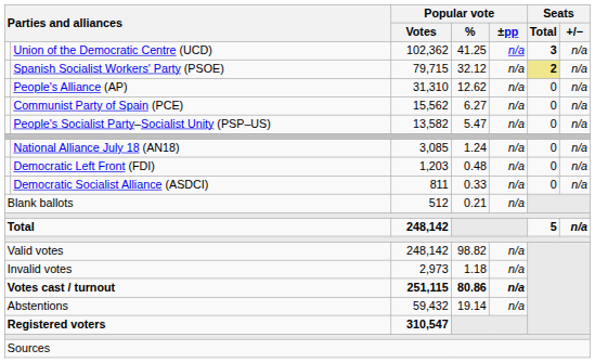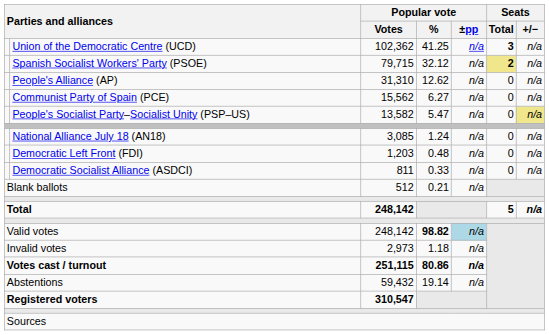 <table class="wikitable" style="text-align:right;">
 <tr>
 <th style="text-align:left;" rowspan="2" colspan="2" width="525">Parties and alliances</th>
 <th colspan="3">Popular vote</th>
 <th colspan="2">Seats</th>
 </tr>
 <tr>
 <th width="75">Votes</th>
 <th width="45">%</th>
 <th width="45">±<a href='#'>pp</a></th>
 <th width="35">Total</th>
 <th width="35">+/−</th>
 </tr>
 <tr>
 <td width="1" style="color:inherit;background:"></td>
 <td align="left"><a href='#'>Union of the Democratic Centre</a> (UCD)</td>
 <td>102,362</td>
 <td>41.25</td>
 <td><em><a href='#'>n/a</a></em></td>
 <td><strong>3</strong></td>
 <td><em>n/a</em></td>
 </tr>
 <tr>
 <td style="color:inherit;background:"></td>
 <td align="left"><a href='#'>Spanish Socialist Workers' Party</a> (PSOE)</td>
 <td>79,715</td>
 <td>32.12</td>
 <td><em>n/a</em></td>
 <td style="background: khaki;"><strong>2</strong></td>
 <td><em>n/a</em></td>
 </tr>
 <tr>
 <td style="color:inherit;background:"></td>
 <td align="left"><a href='#'>People's Alliance</a> (AP)</td>
 <td>31,310</td>
 <td>12.62</td>
 <td><em>n/a</em></td>
 <td>0</td>
 <td><em>n/a</em></td>
 </tr>
 <tr>
 <td style="color:inherit;background:"></td>
 <td align="left"><a href='#'>Communist Party of Spain</a> (PCE)</td>
 <td>15,562</td>
 <td>6.27</td>
 <td><em>n/a</em></td>
 <td>0</td>
 <td><em>n/a</em></td>
 </tr>
 <tr>
 <td style="color:inherit;background:"></td>
 <td align="left"><a href='#'>People's Socialist Party</a>–<a href='#'>Socialist Unity</a> (PSP–US)</td>
 <td>13,582</td>
 <td>5.47</td>
 <td><em>n/a</em></td>
 <td>0</td>
-<td><em>n/a</em></td>
+<td style="background: khaki;"><em>n/a</em></td>
 </tr>
 <tr>
 <td colspan="7" bgcolor="#C0C0C0"></td>
 </tr>
 <tr>
 <td style="color:inherit;background:"></td>
 <td align="left"><a href='#'>National Alliance July 18</a> (AN18)</td>
 <td>3,085</td>
 <td>1.24</td>
 <td><em>n/a</em></td>
 <td>0</td>
 <td><em>n/a</em></td>
 </tr>
 <tr>
 <td style="color:inherit;background:"></td>
 <td align="left"><a href='#'>Democratic Left Front</a> (FDI)</td>
 <td>1,203</td>
 <td>0.48</td>
 <td><em>n/a</em></td>
 <td>0</td>
 <td><em>n/a</em></td>
 </tr>
 <tr>
 <td style="color:inherit;background:"></td>
 <td align="left"><a href='#'>Democratic Socialist Alliance</a> (ASDCI)</td>
 <td>811</td>
 <td>0.33</td>
 <td><em>n/a</em></td>
 <td>0</td>
 <td><em>n/a</em></td>
 </tr>
 <tr>
 <td align="left" colspan="2">Blank ballots</td>
 <td>512</td>
 <td>0.21</td>
 <td><em>n/a</em></td>
 <td bgcolor="#E9E9E9" colspan="2"></td>
 </tr>
 <tr>
 <td colspan="7" bgcolor="#E9E9E9"></td>
 </tr>
 <tr style="font-weight:bold;">
 <td align="left" colspan="2">Total</td>
 <td>248,142</td>
 <td bgcolor="#E9E9E9" colspan="2"></td>
 <td>5</td>
 <td><em>n/a</em></td>
 </tr>
 <tr>
 <td colspan="7" bgcolor="#E9E9E9"></td>
 </tr>
 <tr>
 <td align="left" colspan="2">Valid votes</td>
 <td>248,142</td>
-<td>98.82</td>
-<td><em>n/a</em></td>
+<td><strong>98.82</strong></td>
+<td style="background: lightblue;"><em>n/a</em></td>
 <td bgcolor="#E9E9E9" colspan="2" rowspan="5"></td>
 </tr>
 <tr>
 <td align="left" colspan="2">Invalid votes</td>
 <td>2,973</td>
 <td>1.18</td>
 <td><em>n/a</em></td>
 </tr>
 <tr style="font-weight:bold;">
 <td align="left" colspan="2">Votes cast / turnout</td>
 <td>251,115</td>
 <td>80.86</td>
 <td><em>n/a</em></td>
 </tr>
 <tr>
 <td align="left" colspan="2">Abstentions</td>
 <td>59,432</td>
 <td>19.14</td>
 <td><em>n/a</em></td>
 </tr>
 <tr style="font-weight:bold;">
 <td align="left" colspan="2">Registered voters</td>
 <td>310,547</td>
 <td bgcolor="#E9E9E9" colspan="2"></td>
 </tr>
 <tr>
 <td colspan="7" bgcolor="#E9E9E9"></td>
 </tr>
 <tr>
 <td align="left" colspan="7">Sources</td>
 </tr>
 </table>
